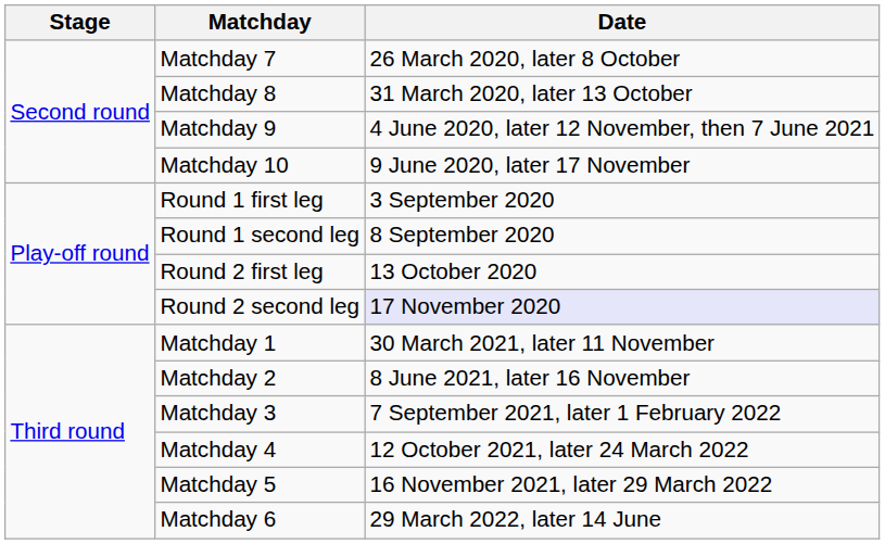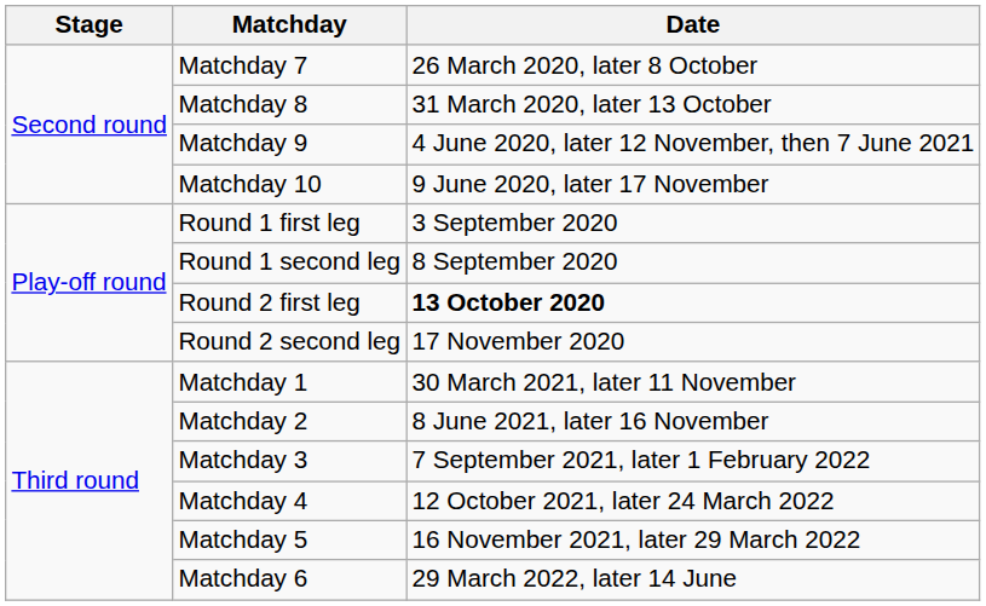 <table class="wikitable mw-collapsible mw-collapsed">
 <tr>
 <th>Stage</th>
 <th>Matchday</th>
 <th>Date</th>
 </tr>
 <tr>
 <td rowspan=4><a href='#'>Second round</a></td>
 <td>Matchday 7</td>
 <td>26 March 2020, later 8 October</td>
 </tr>
 <tr>
 <td>Matchday 8</td>
 <td>31 March 2020, later 13 October</td>
 </tr>
 <tr>
 <td>Matchday 9</td>
 <td>4 June 2020, later 12 November, then 7 June 2021</td>
 </tr>
 <tr>
 <td>Matchday 10</td>
 <td>9 June 2020, later 17 November</td>
 </tr>
 <tr>
 <td rowspan=4><a href='#'>Play-off round</a></td>
 <td>Round 1 first leg</td>
 <td>3 September 2020</td>
 </tr>
 <tr>
 <td>Round 1 second leg</td>
 <td>8 September 2020</td>
 </tr>
 <tr>
 <td>Round 2 first leg</td>
-<td>13 October 2020</td>
+<td><strong>13 October 2020</strong></td>
 </tr>
 <tr>
 <td>Round 2 second leg</td>
-<td style="background: lavender;">17 November 2020</td>
+<td>17 November 2020</td>
 </tr>
 <tr>
 <td rowspan=6><a href='#'>Third round</a></td>
 <td>Matchday 1</td>
 <td>30 March 2021, later 11 November</td>
 </tr>
 <tr>
 <td>Matchday 2</td>
 <td>8 June 2021, later 16 November</td>
 </tr>
 <tr>
 <td>Matchday 3</td>
 <td>7 September 2021, later 1 February 2022</td>
 </tr>
 <tr>
 <td>Matchday 4</td>
 <td>12 October 2021, later 24 March 2022</td>
 </tr>
 <tr>
 <td>Matchday 5</td>
 <td>16 November 2021, later 29 March 2022</td>
 </tr>
 <tr>
 <td>Matchday 6</td>
 <td>29 March 2022, later 14 June</td>
 </tr>
 </table>
